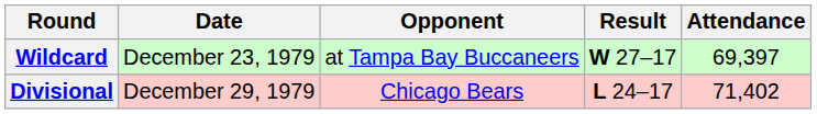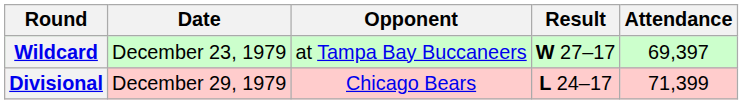 <table class="wikitable" style="text-align:center">
 <tr>
 <th>Round</th>
 <th>Date</th>
 <th>Opponent</th>
 <th>Result</th>
 <th>Attendance</th>
 </tr>
 <tr style="background: #cfc">
 <th><a href='#'>Wildcard</a></th>
 <td>December 23, 1979</td>
 <td>at <a href='#'>Tampa Bay Buccaneers</a></td>
 <td><strong>W</strong> 27–17</td>
 <td>69,397</td>
 </tr>
 <tr style="background: #fcc">
 <th><a href='#'>Divisional</a></th>
 <td>December 29, 1979</td>
 <td><a href='#'>Chicago Bears</a></td>
 <td><strong>L</strong> 24–17</td>
-<td>71,402</td>
+<td>71,399</td>
 </tr>
 </table>
